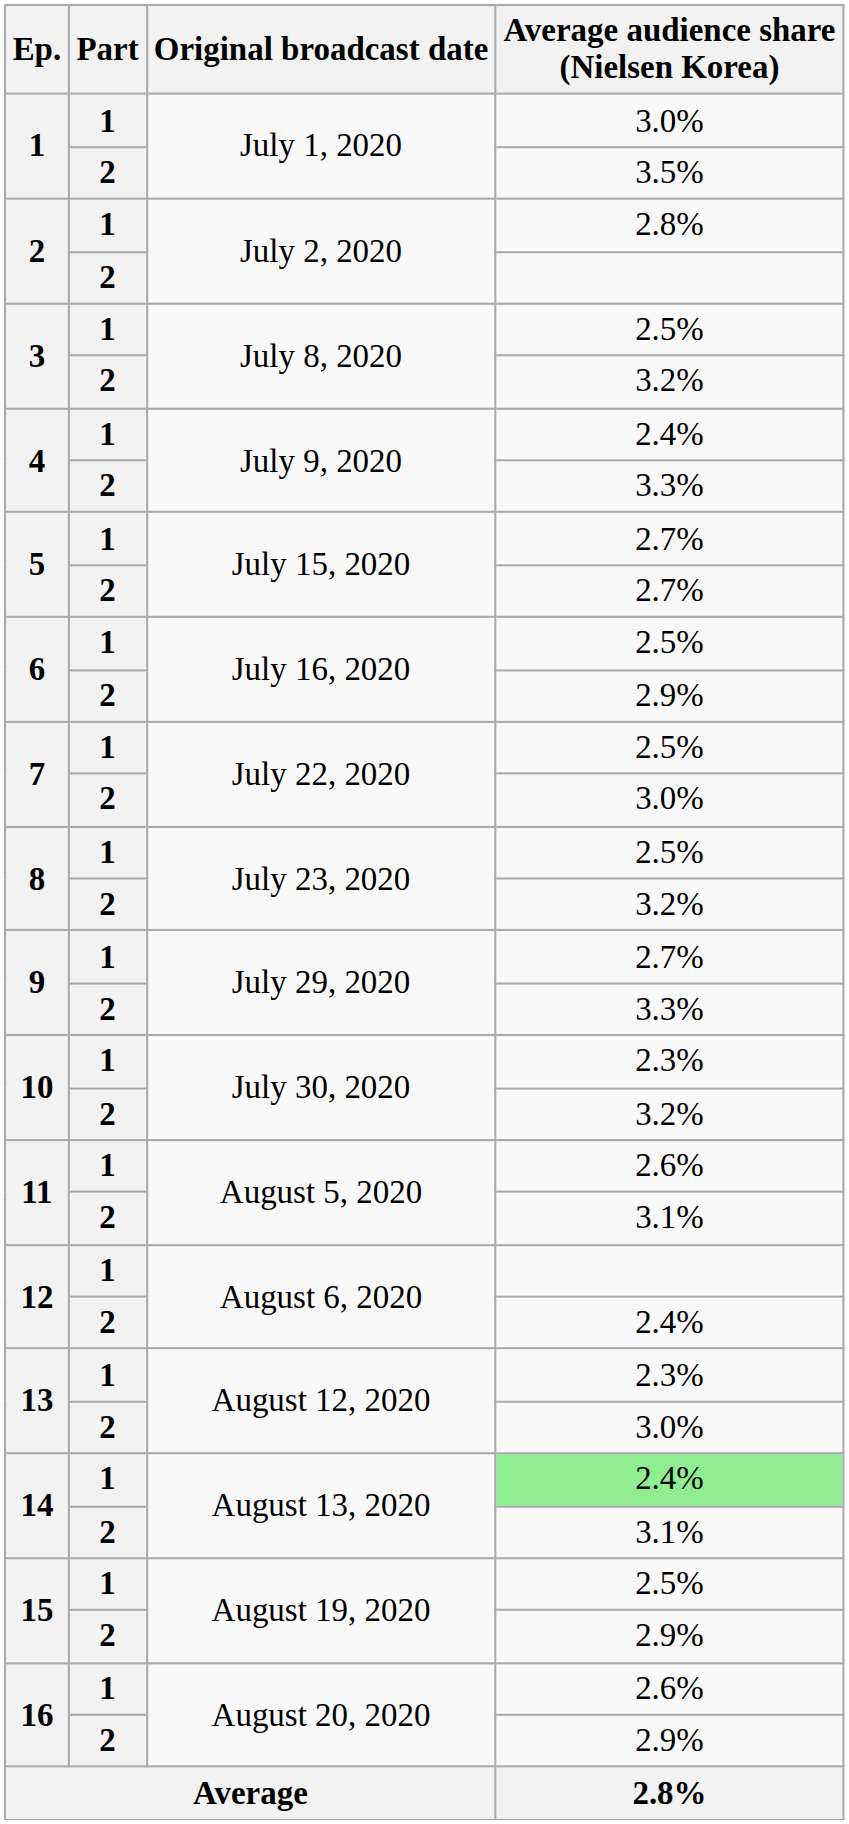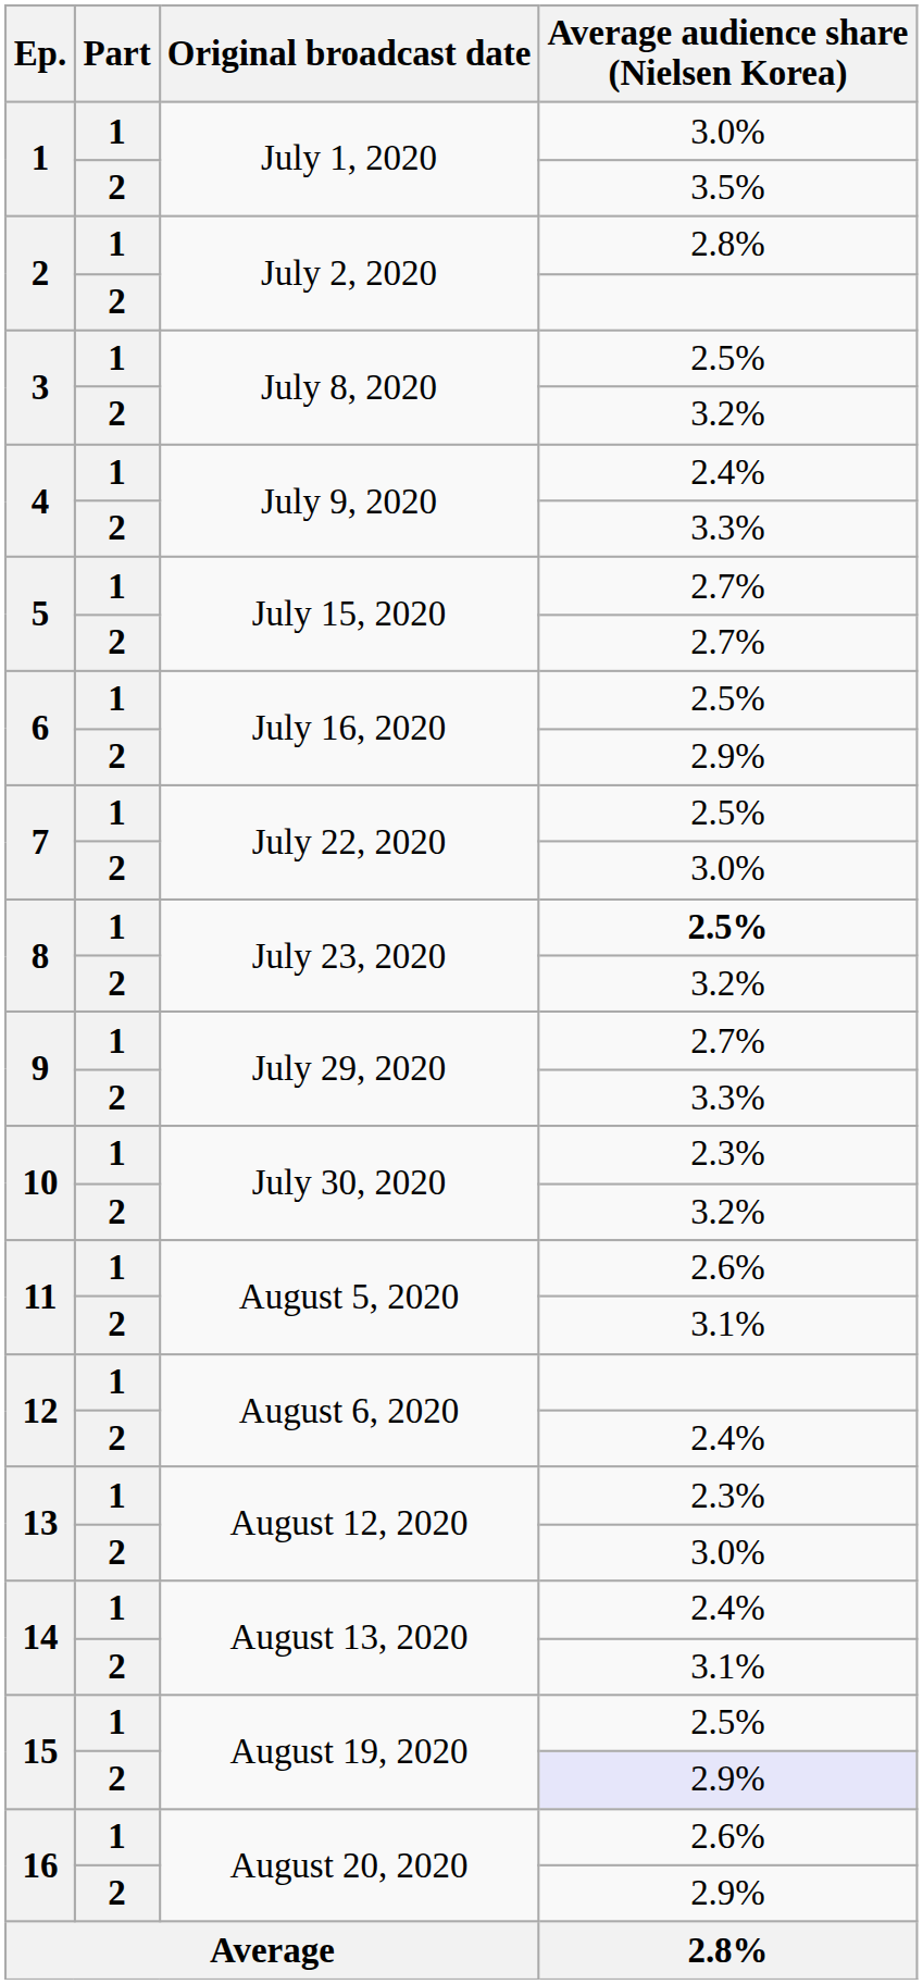 <table class="wikitable" style="text-align:center">
 <tr>
 <th>Ep.</th>
 <th>Part</th>
 <th>Original broadcast date</th>
 <th>Average audience share<br>(Nielsen Korea)</th>
 </tr>
 <tr>
 <th rowspan="2"><strong>1</strong></th>
 <th>1</th>
 <td rowspan="2">July 1, 2020</td>
 <td>3.0%</td>
 </tr>
 <tr>
 <th>2</th>
 <td>3.5%</td>
 </tr>
 <tr>
 <th rowspan="2"><strong>2</strong></th>
 <th>1</th>
 <td rowspan="2">July 2, 2020</td>
 <td>2.8%</td>
 </tr>
 <tr>
 <th>2</th>
 <td><strong></strong></td>
 </tr>
 <tr>
 <th rowspan="2"><strong>3</strong></th>
 <th>1</th>
 <td rowspan="2">July 8, 2020</td>
 <td>2.5%</td>
 </tr>
 <tr>
 <th>2</th>
 <td>3.2%</td>
 </tr>
 <tr>
 <th rowspan="2">4</th>
 <th>1</th>
 <td rowspan="2">July 9, 2020</td>
 <td>2.4%</td>
 </tr>
 <tr>
 <th>2</th>
 <td>3.3%</td>
 </tr>
 <tr>
 <th rowspan="2">5</th>
 <th>1</th>
 <td rowspan="2">July 15, 2020</td>
 <td>2.7%</td>
 </tr>
 <tr>
 <th>2</th>
 <td>2.7%</td>
 </tr>
 <tr>
 <th rowspan="2">6</th>
 <th>1</th>
 <td rowspan="2">July 16, 2020</td>
 <td>2.5%</td>
 </tr>
 <tr>
 <th>2</th>
 <td>2.9%</td>
 </tr>
 <tr>
 <th rowspan="2">7</th>
 <th>1</th>
 <td rowspan="2">July 22, 2020</td>
 <td>2.5%</td>
 </tr>
 <tr>
 <th>2</th>
 <td>3.0%</td>
 </tr>
 <tr>
 <th rowspan="2">8</th>
 <th>1</th>
 <td rowspan="2">July 23, 2020</td>
-<td>2.5%</td>
+<td><strong>2.5%</strong></td>
 </tr>
 <tr>
 <th>2</th>
 <td>3.2%</td>
 </tr>
 <tr>
 <th rowspan="2">9</th>
 <th>1</th>
 <td rowspan="2">July 29, 2020</td>
 <td>2.7%</td>
 </tr>
 <tr>
 <th>2</th>
 <td>3.3%</td>
 </tr>
 <tr>
 <th rowspan="2">10</th>
 <th>1</th>
 <td rowspan="2">July 30, 2020</td>
 <td>2.3%</td>
 </tr>
 <tr>
 <th>2</th>
 <td>3.2%</td>
 </tr>
 <tr>
 <th rowspan="2">11</th>
 <th>1</th>
 <td rowspan="2">August 5, 2020</td>
 <td>2.6%</td>
 </tr>
 <tr>
 <th>2</th>
 <td>3.1%</td>
 </tr>
 <tr>
 <th rowspan="2">12</th>
 <th>1</th>
 <td rowspan="2">August 6, 2020</td>
 <td><strong></strong></td>
 </tr>
 <tr>
 <th>2</th>
 <td>2.4%</td>
 </tr>
 <tr>
 <th rowspan="2">13</th>
 <th>1</th>
 <td rowspan="2">August 12, 2020</td>
 <td>2.3%</td>
 </tr>
 <tr>
 <th>2</th>
 <td>3.0%</td>
 </tr>
 <tr>
 <th rowspan="2">14</th>
 <th>1</th>
 <td rowspan="2">August 13, 2020</td>
-<td style="background: lightgreen;">2.4%</td>
+<td>2.4%</td>
 </tr>
 <tr>
 <th>2</th>
 <td>3.1%</td>
 </tr>
 <tr>
 <th rowspan="2">15</th>
 <th>1</th>
 <td rowspan="2">August 19, 2020</td>
 <td>2.5%</td>
 </tr>
 <tr>
 <th>2</th>
-<td>2.9%</td>
+<td style="background: lavender;">2.9%</td>
 </tr>
 <tr>
 <th rowspan="2">16</th>
 <th>1</th>
 <td rowspan="2">August 20, 2020</td>
 <td>2.6%</td>
 </tr>
 <tr>
 <th>2</th>
 <td>2.9%</td>
 </tr>
 <tr>
 <th colspan="3">Average</th>
 <th>2.8%</th>
 </tr>
 </table>
